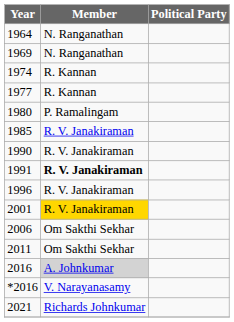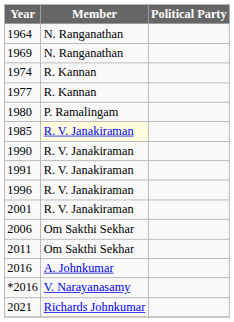 <table class="wikitable sortable">
 <tr>
 <th style="background-color:#666666; color:white">Year</th>
 <th style="background-color:#666666; color:white">Member</th>
 <th style="background-color:#666666; color:white" colspan="2">Political Party</th>
 </tr>
 <tr>
 <td>1964</td>
 <td>N. Ranganathan</td>
 <td></td>
 </tr>
 <tr>
 <td>1969</td>
 <td>N. Ranganathan</td>
 <td></td>
 </tr>
 <tr>
 <td>1974</td>
 <td>R. Kannan</td>
 <td></td>
 </tr>
 <tr>
 <td>1977</td>
 <td>R. Kannan</td>
 <td></td>
 </tr>
 <tr>
 <td>1980</td>
 <td>P. Ramalingam</td>
 <td></td>
 </tr>
 <tr>
 <td>1985</td>
-<td><a href='#'>R. V. Janakiraman</a></td>
+<td style="background: lightyellow;"><a href='#'>R. V. Janakiraman</a></td>
 <td></td>
 </tr>
 <tr>
 <td>1990</td>
 <td>R. V. Janakiraman</td>
 <td></td>
 </tr>
 <tr>
 <td>1991</td>
-<td><strong>R. V. Janakiraman</strong></td>
+<td>R. V. Janakiraman</td>
 <td></td>
 </tr>
 <tr>
 <td>1996</td>
 <td>R. V. Janakiraman</td>
 <td></td>
 </tr>
 <tr>
 <td>2001</td>
-<td style="background: gold;">R. V. Janakiraman</td>
+<td>R. V. Janakiraman</td>
 <td></td>
 </tr>
 <tr>
 <td>2006</td>
 <td>Om Sakthi Sekhar</td>
 <td></td>
 </tr>
 <tr>
 <td>2011</td>
 <td>Om Sakthi Sekhar</td>
 <td></td>
 </tr>
 <tr>
 <td>2016</td>
-<td style="background: lightgrey;"><a href='#'>A. Johnkumar</a></td>
+<td><a href='#'>A. Johnkumar</a></td>
 <td></td>
 </tr>
 <tr>
 <td>*2016</td>
 <td><a href='#'>V. Narayanasamy</a></td>
 <td></td>
 </tr>
 <tr>
 <td>2021</td>
 <td><a href='#'>Richards Johnkumar</a></td>
 <td></td>
 </tr>
 <tr>
 </tr>
 </table>
